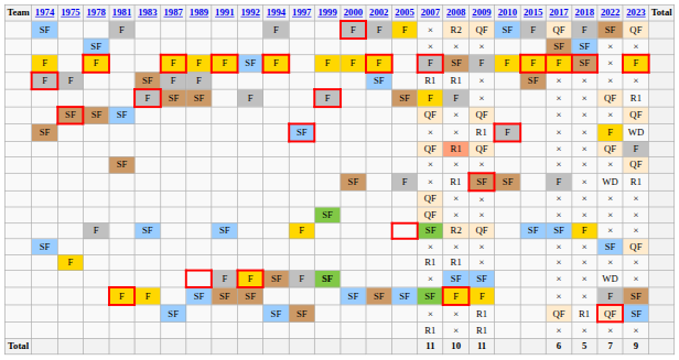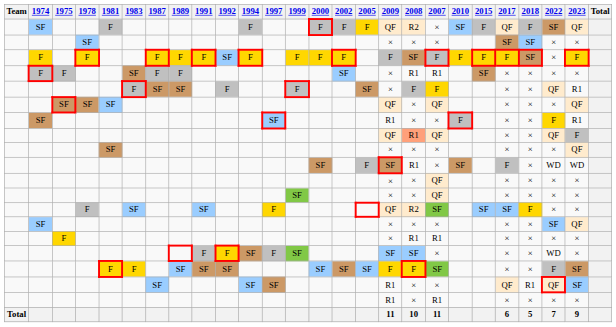 <table class="wikitable" style="text-align:center; font-size:85%;">
 <tr>
 <th>Team</th>
 <th width=30px><a href='#'>1974</a><br></th>
 <th width=30px><a href='#'>1975</a><br></th>
 <th width=30px><a href='#'>1978</a><br></th>
 <th width=30px><a href='#'>1981</a><br></th>
 <th width=30px><a href='#'>1983</a><br></th>
 <th width=30px><a href='#'>1987</a><br></th>
 <th width=30px><a href='#'>1989</a><br></th>
 <th width=30px><a href='#'>1991</a><br></th>
 <th width=30px><a href='#'>1992</a><br></th>
 <th width=30px><a href='#'>1994</a><br></th>
 <th width=30px><a href='#'>1997</a><br></th>
 <th width=30px><a href='#'>1999</a><br></th>
 <th width=30px><a href='#'>2000</a><br></th>
 <th width=30px><a href='#'>2002</a><br></th>
 <th width=30px><a href='#'>2005</a><br></th>
+<th width=30px><a href='#'>2009</a><br></th>
+<th width=30px><a href='#'>2008</a><br></th>
 <th width=30px><a href='#'>2007</a><br></th>
-<th width=30px><a href='#'>2008</a><br></th>
-<th width=30px><a href='#'>2009</a><br></th>
 <th width=30px><a href='#'>2010</a><br></th>
 <th width=30px><a href='#'>2015</a><br></th>
 <th width=30px><a href='#'>2017</a><br></th>
 <th width=30px><a href='#'>2018</a><br></th>
 <th width=30px><a href='#'>2022</a><br></th>
 <th width=30px><a href='#'>2023</a><br></th>
 <th>Total</th>
 </tr>
 <tr>
 <td align=left></td>
 <td bgcolor=#9acdff>SF<br></td>
 <td></td>
 <td></td>
 <td bgcolor=silver>F<br></td>
 <td></td>
 <td></td>
 <td></td>
 <td></td>
 <td></td>
 <td bgcolor=silver>F<br></td>
 <td></td>
 <td></td>
 <td style="border: 3px solid red" bgcolor=silver>F<br></td>
 <td bgcolor=silver>F<br></td>
 <td bgcolor=gold>F<br></td>
+<td bgcolor=#ffebcd>QF<br></td>
+<td bgcolor=#ffebcd>R2<br></td>
 <td>×</td>
-<td bgcolor=#ffebcd>R2<br></td>
-<td bgcolor=#ffebcd>QF<br></td>
 <td bgcolor=#9acdff>SF<br></td>
 <td bgcolor=silver>F<br></td>
 <td bgcolor=#ffebcd>QF<br></td>
 <td bgcolor=silver>F<br></td>
 <td bgcolor=#cc9966>SF<br></td>
 <td bgcolor=#ffebcd>QF<br></td>
 <th></th>
 </tr>
 <tr>
 <td align=left></td>
 <td></td>
 <td></td>
 <td bgcolor=#9acdff>SF<br></td>
 <td></td>
 <td></td>
 <td></td>
 <td></td>
 <td></td>
 <td></td>
 <td></td>
 <td></td>
 <td></td>
 <td></td>
 <td></td>
 <td></td>
 <td>×</td>
 <td>×</td>
 <td>×</td>
 <td></td>
 <td></td>
 <td bgcolor=#cc9966>SF<br></td>
 <td bgcolor=#9acdff>SF<br></td>
 <td>×</td>
 <td>×</td>
 <th></th>
 </tr>
 <tr>
 <td align=left></td>
 <td bgcolor=gold>F<br></td>
 <td></td>
 <td style="border: 3px solid red" bgcolor=gold>F<br></td>
 <td></td>
 <td></td>
 <td style="border: 3px solid red" bgcolor=gold>F<br></td>
 <td bgcolor=gold>F<br></td>
 <td style="border: 3px solid red" bgcolor=gold>F<br></td>
 <td bgcolor=#9acdff>SF<br></td>
 <td style="border: 3px solid red" bgcolor=gold>F<br></td>
 <td></td>
 <td bgcolor=gold>F<br></td>
 <td bgcolor=gold>F<br></td>
 <td style="border: 3px solid red" bgcolor=gold>F<br></td>
 <td></td>
+<td bgcolor=silver>F<br></td>
+<td bgcolor=#cc9966>SF<br></td>
 <td style="border: 3px solid red" bgcolor=silver>F<br></td>
-<td bgcolor=#cc9966>SF<br></td>
-<td bgcolor=silver>F<br></td>
 <td bgcolor=gold>F<br></td>
 <td style="border: 3px solid red" bgcolor=gold>F<br></td>
 <td style="border: 3px solid red" bgcolor=gold>F<br></td>
 <td style="border: 3px solid red" bgcolor=#cc9966>SF<br></td>
 <td>×</td>
 <td style="border: 3px solid red" bgcolor=gold>F<br></td>
 <th></th>
 </tr>
 <tr>
 <td align=left></td>
 <td style="border: 3px solid red" bgcolor=silver>F<br></td>
 <td bgcolor=silver>F<br></td>
 <td></td>
 <td></td>
 <td bgcolor=#cc9966>SF<br></td>
 <td bgcolor=silver>F<br></td>
 <td bgcolor=silver>F<br></td>
 <td></td>
 <td></td>
 <td></td>
 <td></td>
 <td></td>
 <td></td>
 <td bgcolor=#9acdff>SF<br></td>
 <td></td>
+<td>×</td>
 <td>R1<br></td>
 <td>R1<br></td>
-<td>×</td>
 <td></td>
 <td bgcolor=#cc9966>SF<br></td>
 <td>×</td>
 <td>×</td>
 <td>×</td>
 <td>×</td>
 <th></th>
 </tr>
 <tr>
 <td align=left></td>
 <td></td>
 <td></td>
 <td></td>
 <td></td>
 <td style="border: 3px solid red" bgcolor=silver>F<br></td>
 <td bgcolor=#cc9966>SF<br></td>
 <td bgcolor=#cc9966>SF<br></td>
 <td></td>
 <td bgcolor=silver>F<br></td>
 <td></td>
 <td></td>
 <td style="border: 3px solid red" bgcolor=silver>F<br></td>
 <td></td>
 <td></td>
 <td bgcolor=#cc9966>SF<br></td>
+<td>×</td>
+<td bgcolor=silver>F<br></td>
 <td bgcolor=gold>F<br></td>
-<td bgcolor=silver>F<br></td>
-<td>×</td>
 <td></td>
 <td></td>
 <td>×</td>
 <td>×</td>
 <td bgcolor=#ffebcd>QF<br></td>
 <td>R1<br></td>
 <th></th>
 </tr>
 <tr>
 <td align=left></td>
 <td></td>
 <td style="border: 3px solid red" bgcolor=#cc9966>SF<br></td>
 <td bgcolor=#cc9966>SF<br></td>
 <td bgcolor=#9acdff>SF<br></td>
 <td></td>
 <td></td>
 <td></td>
 <td></td>
 <td></td>
 <td></td>
 <td></td>
 <td></td>
 <td></td>
 <td></td>
 <td></td>
 <td bgcolor=#ffebcd>QF<br></td>
 <td>×</td>
 <td bgcolor=#ffebcd>QF<br></td>
 <td></td>
 <td></td>
 <td>×</td>
 <td>×</td>
 <td>×</td>
 <td bgcolor=#ffebcd>QF<br></td>
 <th></th>
 </tr>
 <tr>
 <td align=left></td>
 <td bgcolor=#cc9966>SF<br></td>
 <td></td>
 <td></td>
 <td></td>
 <td></td>
 <td></td>
 <td></td>
 <td></td>
 <td></td>
 <td></td>
 <td style="border: 3px solid red" bgcolor=#9acdff>SF<br></td>
 <td></td>
 <td></td>
 <td></td>
 <td></td>
+<td>R1<br></td>
 <td>×</td>
 <td>×</td>
-<td>R1<br></td>
 <td style="border: 3px solid red" bgcolor=silver>F<br></td>
 <td></td>
 <td>×</td>
 <td>×</td>
 <td bgcolor=gold>F<br></td>
-<td>WD</td>
+<td>R1<br></td>
 <th></th>
 </tr>
 <tr>
 <td align=left></td>
 <td></td>
 <td></td>
 <td></td>
 <td></td>
 <td></td>
 <td></td>
 <td></td>
 <td></td>
 <td></td>
 <td></td>
 <td></td>
 <td></td>
 <td></td>
 <td></td>
 <td></td>
 <td bgcolor=#ffebcd>QF<br></td>
 <td style="background: lightsalmon;">R1<br></td>
 <td bgcolor=#ffebcd>QF<br></td>
 <td></td>
 <td></td>
 <td>×</td>
 <td>×</td>
 <td bgcolor=#ffebcd>QF<br></td>
 <td bgcolor=silver>F<br></td>
 <th></th>
 </tr>
 <tr>
 <td align=left></td>
 <td></td>
 <td></td>
 <td></td>
 <td bgcolor=#cc9966>SF<br></td>
 <td></td>
 <td></td>
 <td></td>
 <td></td>
 <td></td>
 <td></td>
 <td></td>
 <td></td>
 <td></td>
 <td></td>
 <td></td>
 <td>×</td>
 <td>×</td>
 <td>×</td>
 <td></td>
 <td></td>
 <td>×</td>
 <td>×</td>
 <td>×</td>
 <td bgcolor=#ffebcd>QF<br></td>
 <th></th>
 </tr>
 <tr>
 <td align=left></td>
 <td></td>
 <td></td>
 <td></td>
 <td></td>
 <td></td>
 <td></td>
 <td></td>
 <td></td>
 <td></td>
 <td></td>
 <td></td>
 <td></td>
 <td bgcolor=#cc9966>SF<br></td>
 <td></td>
 <td bgcolor=silver>F<br></td>
+<td style="border: 3px solid red" bgcolor=#cc9966>SF<br></td>
+<td>R1<br></td>
 <td>×</td>
-<td>R1<br></td>
-<td style="border: 3px solid red" bgcolor=#cc9966>SF<br></td>
 <td bgcolor=#cc9966>SF<br></td>
 <td></td>
 <td bgcolor=silver>F<br></td>
 <td>×</td>
 <td>WD</td>
-<td>R1<br></td>
+<td>WD</td>
 <th></th>
 </tr>
 <tr>
 <td align=left></td>
 <td></td>
 <td></td>
 <td></td>
 <td></td>
 <td></td>
 <td></td>
 <td></td>
 <td></td>
 <td></td>
 <td></td>
 <td></td>
 <td></td>
 <td></td>
 <td></td>
 <td></td>
-<td bgcolor=#ffebcd>QF<br></td>
 <td>×</td>
 <td>×</td>
+<td bgcolor=#ffebcd>QF<br></td>
 <td></td>
 <td></td>
 <td>×</td>
 <td>×</td>
 <td>×</td>
 <td>×</td>
 <th></th>
 </tr>
 <tr>
 <td align=left></td>
 <td></td>
 <td></td>
 <td></td>
 <td></td>
 <td></td>
 <td></td>
 <td></td>
 <td></td>
 <td></td>
 <td></td>
 <td></td>
 <td bgcolor=#81c846>SF<br></td>
 <td></td>
 <td></td>
 <td></td>
-<td bgcolor=#ffebcd>QF<br></td>
 <td>×</td>
 <td>×</td>
+<td bgcolor=#ffebcd>QF<br></td>
 <td></td>
 <td></td>
 <td>×</td>
 <td>×</td>
 <td>×</td>
 <td>×</td>
 <th></th>
 </tr>
 <tr>
 <td align=left></td>
 <td></td>
 <td></td>
 <td bgcolor=silver>F<br></td>
 <td></td>
 <td bgcolor=#9acdff>SF<br></td>
 <td></td>
 <td></td>
 <td bgcolor=#9acdff>SF<br></td>
 <td></td>
 <td></td>
 <td bgcolor=gold>F<br></td>
 <td></td>
 <td></td>
 <td></td>
 <td style="border: 3px solid red"></td>
+<td bgcolor=#ffebcd>QF<br></td>
+<td bgcolor=#ffebcd>R2<br></td>
 <td bgcolor=#81c846>SF<br></td>
-<td bgcolor=#ffebcd>R2<br></td>
-<td bgcolor=#ffebcd>QF<br></td>
 <td></td>
 <td bgcolor=#9acdff>SF<br></td>
 <td bgcolor=#9acdff>SF<br></td>
 <td bgcolor=gold>F<br></td>
 <td>×</td>
 <td>×</td>
 <th></th>
 </tr>
 <tr>
 <td align=left></td>
 <td bgcolor=#9acdff>SF<br></td>
 <td></td>
 <td></td>
 <td></td>
 <td></td>
 <td></td>
 <td></td>
 <td></td>
 <td></td>
 <td></td>
 <td></td>
 <td></td>
 <td></td>
 <td></td>
 <td></td>
 <td>×</td>
 <td>×</td>
 <td>×</td>
 <td></td>
 <td></td>
 <td>×</td>
 <td>×</td>
 <td bgcolor=#9acdff>SF<br></td>
 <td bgcolor=#ffebcd>QF<br></td>
 <th></th>
 </tr>
 <tr>
 <td align=left></td>
 <td></td>
 <td bgcolor=gold>F<br></td>
 <td></td>
 <td></td>
 <td></td>
 <td></td>
 <td></td>
 <td></td>
 <td></td>
 <td></td>
 <td></td>
 <td></td>
 <td></td>
 <td></td>
 <td></td>
+<td>×</td>
 <td>R1<br></td>
 <td>R1<br></td>
-<td>×</td>
 <td></td>
 <td></td>
 <td>×</td>
 <td>×</td>
 <td>×</td>
 <td>×</td>
 <th></th>
 </tr>
 <tr>
 <td align=left></td>
 <td></td>
 <td></td>
 <td></td>
 <td></td>
 <td></td>
 <td></td>
 <td style="border: 3px solid red"></td>
 <td bgcolor=silver>F<br></td>
 <td style="border: 3px solid red" bgcolor=gold>F<br></td>
 <td bgcolor=#cc9966>SF<br></td>
 <td bgcolor=silver>F<br></td>
-<td bgcolor=#81c846><strong>SF<br></strong></td>
+<td bgcolor=#81c846>SF<br></td>
 <td></td>
 <td></td>
 <td></td>
-<td>×</td>
 <td bgcolor=#9acdff>SF<br></td>
 <td bgcolor=#9acdff>SF<br></td>
+<td>×</td>
 <td></td>
 <td></td>
 <td>×</td>
 <td>×</td>
 <td>WD</td>
 <td>×</td>
 <th></th>
 </tr>
 <tr>
 <td align=left></td>
 <td></td>
 <td></td>
 <td></td>
 <td style="border: 3px solid red" bgcolor=gold>F<br></td>
 <td bgcolor=gold>F<br></td>
 <td></td>
 <td bgcolor=#9acdff>SF<br></td>
 <td bgcolor=#cc9966>SF<br></td>
 <td bgcolor=#cc9966>SF<br></td>
 <td></td>
 <td></td>
 <td></td>
 <td bgcolor=#9acdff>SF<br></td>
 <td bgcolor=#cc9966>SF<br></td>
 <td bgcolor=#9acdff>SF<br></td>
+<td bgcolor=gold>F<br></td>
+<td style="border: 3px solid red" bgcolor=gold>F<br></td>
 <td bgcolor=#81c846>SF<br></td>
-<td style="border: 3px solid red" bgcolor=gold>F<br></td>
-<td bgcolor=gold>F<br></td>
 <td></td>
 <td></td>
 <td>×</td>
 <td>×</td>
 <td bgcolor=silver>F<br></td>
 <td bgcolor=#cc9966>SF<br></td>
 <th></th>
 </tr>
 <tr>
 <td align=left></td>
 <td></td>
 <td></td>
 <td></td>
 <td></td>
 <td></td>
 <td bgcolor=#9acdff>SF<br></td>
 <td></td>
 <td></td>
 <td></td>
 <td bgcolor=#9acdff>SF<br></td>
 <td bgcolor=#cc9966>SF<br></td>
 <td></td>
 <td></td>
 <td></td>
 <td></td>
+<td>R1<br></td>
 <td>×</td>
 <td>×</td>
-<td>R1<br></td>
 <td></td>
 <td></td>
 <td bgcolor=#ffebcd>QF<br></td>
 <td>R1<br></td>
 <td style="border: 3px solid red" bgcolor=#ffebcd>QF<br></td>
 <td bgcolor=#9acdff>SF<br></td>
 <th></th>
 </tr>
 <tr>
 <td align=left></td>
 <td></td>
 <td></td>
 <td></td>
 <td></td>
 <td></td>
 <td></td>
 <td></td>
 <td></td>
 <td></td>
 <td></td>
 <td></td>
 <td></td>
 <td></td>
 <td></td>
 <td></td>
 <td>R1<br></td>
 <td>×</td>
 <td>R1<br></td>
 <td></td>
 <td></td>
 <td>×</td>
 <td>×</td>
 <td>×</td>
 <td>×</td>
 <th></th>
 </tr>
 <tr style="background:#cccccc;">
 <th>Total</th>
 <th></th>
 <th></th>
 <th></th>
 <th></th>
 <th></th>
 <th></th>
 <th></th>
 <th></th>
 <th></th>
 <th></th>
 <th></th>
 <th></th>
 <th></th>
 <th></th>
 <th></th>
 <th>11</th>
 <th>10</th>
 <th>11</th>
 <th></th>
 <th></th>
 <th>6</th>
 <th>5</th>
 <th>7</th>
 <th>9</th>
 <th></th>
 </tr>
 </table>
